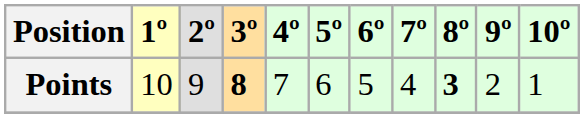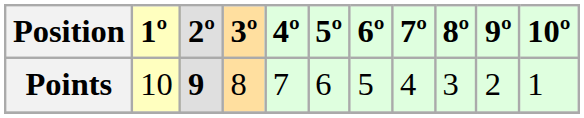 <table class="wikitable sortable" style="font-size:85%">
 <tr>
 <th>Position</th>
 <td style="background-color:#ffffbf"><strong>1º</strong></td>
 <td style="background-color:#dfdfdf"><strong>2º</strong></td>
 <td style="background-color:#ffdf9f"><strong>3º</strong></td>
 <td style="background-color:#dfffdf"><strong>4º</strong></td>
 <td style="background-color:#dfffdf"><strong>5º</strong></td>
 <td style="background-color:#dfffdf"><strong>6º</strong></td>
 <td style="background-color:#dfffdf"><strong>7º</strong></td>
 <td style="background-color:#dfffdf"><strong>8º</strong></td>
 <td style="background-color:#dfffdf"><strong>9º</strong></td>
 <td style="background-color:#dfffdf"><strong>10º</strong></td>
 </tr>
 <tr>
 <th>Points</th>
 <td style="background-color:#ffffbf">10</td>
-<td style="background-color:#dfdfdf">9</td>
-<td style="background-color:#ffdf9f"><strong>8</strong></td>
+<td style="background-color:#dfdfdf"><strong>9</strong></td>
+<td style="background-color:#ffdf9f">8</td>
 <td style="background-color:#dfffdf">7</td>
 <td style="background-color:#dfffdf">6</td>
 <td style="background-color:#dfffdf">5</td>
 <td style="background-color:#dfffdf">4</td>
-<td style="background-color:#dfffdf"><strong>3</strong></td>
+<td style="background-color:#dfffdf">3</td>
 <td style="background-color:#dfffdf">2</td>
 <td style="background-color:#dfffdf">1</td>
 </tr>
 <tr>
 </tr>
 </table>
